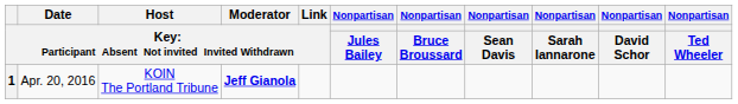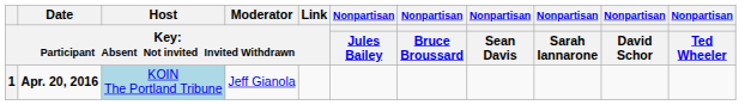 <table class="wikitable" style="text-align:center;">
 <tr>
 <th scope="col"></th>
 <th scope="col">Date</th>
 <th scope="col">Host</th>
 <th scope="col">Moderator</th>
 <th scope="col">Link</th>
 <th scope="col"><small><a href='#'>Nonpartisan</a></small></th>
 <th scope="col"><small><a href='#'>Nonpartisan</a></small></th>
 <th scope="col"><small><a href='#'>Nonpartisan</a></small></th>
 <th scope="col"><small><a href='#'>Nonpartisan</a></small></th>
 <th scope="col"><small><a href='#'>Nonpartisan</a></small></th>
 <th scope="col"><small><a href='#'>Nonpartisan</a></small></th>
 </tr>
 <tr>
 <th colspan="5" rowspan="2">Key:<br> <small>Participant </small>  <small>Absent </small>  <small>Not invited </small>  <small>Invited  Withdrawn</small></th>
 <th scope="col" style="background:"></th>
 <th scope="col" style="background:"></th>
 <th scope="col" style="background:"></th>
 <th scope="col" style="background:"></th>
 <th scope="col" style="background:"></th>
 <th scope="col" style="background:"></th>
 </tr>
 <tr>
 <th scope="col"><a href='#'>Jules Bailey</a></th>
 <th scope="col"><a href='#'>Bruce Broussard</a></th>
 <th scope="col">Sean Davis</th>
 <th scope="col">Sarah Iannarone</th>
 <th scope="col">David Schor</th>
 <th scope="col"><a href='#'>Ted Wheeler</a></th>
 </tr>
 <tr>
 <th>1</th>
-<td style="white-space:nowrap;">Apr. 20, 2016</td>
-<td style="white-space:nowrap;"><a href='#'>KOIN</a><br><a href='#'>The Portland Tribune</a></td>
-<td style="white-space:nowrap;"><strong><a href='#'>Jeff Gianola</a></strong></td>
+<td style="white-space:nowrap;"><strong>Apr. 20, 2016</strong></td>
+<td style="background: lightblue; white-space:nowrap;"><a href='#'>KOIN</a><br><a href='#'>The Portland Tribune</a></td>
+<td style="white-space:nowrap;"><a href='#'>Jeff Gianola</a></td>
 <td style="white-space:nowrap;"></td>
 <td></td>
 <td></td>
 <td></td>
 <td></td>
 <td></td>
 <td></td>
 </tr>
 </table>
